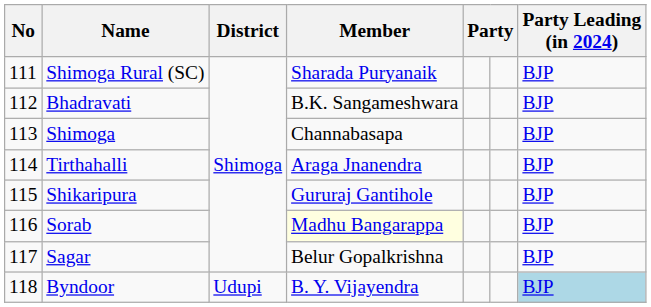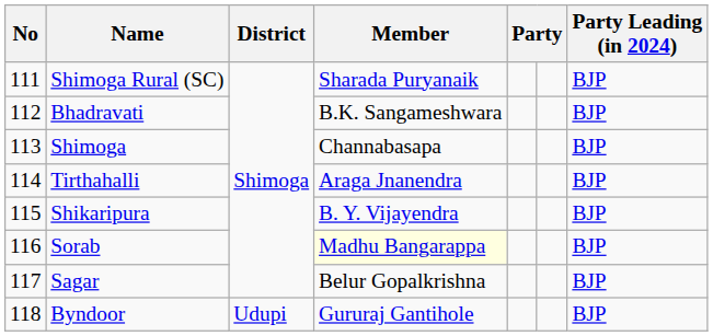 <table class="wikitable">
 <tr>
 <th>No</th>
 <th>Name</th>
 <th>District</th>
 <th>Member</th>
 <th colspan="2">Party</th>
 <th colspan="2">Party Leading<br>(in <a href='#'>2024</a>)</th>
 </tr>
 <tr>
 <td>111</td>
 <td><a href='#'>Shimoga Rural</a> (SC)</td>
 <td rowspan="7"><a href='#'>Shimoga</a></td>
 <td><a href='#'>Sharada Puryanaik</a></td>
 <td></td>
 <td style="background-color: "></td>
 <td><a href='#'>BJP</a></td>
 </tr>
 <tr>
 <td>112</td>
 <td><a href='#'>Bhadravati</a></td>
 <td>B.K. Sangameshwara</td>
 <td></td>
 <td style="background-color: "></td>
 <td><a href='#'>BJP</a></td>
 </tr>
 <tr>
 <td>113</td>
 <td><a href='#'>Shimoga</a></td>
 <td>Channabasapa</td>
 <td></td>
 <td style="background-color: "></td>
 <td><a href='#'>BJP</a></td>
 </tr>
 <tr>
 <td>114</td>
 <td><a href='#'>Tirthahalli</a></td>
 <td><a href='#'>Araga Jnanendra</a></td>
 <td></td>
 <td style="background-color: "></td>
 <td><a href='#'>BJP</a></td>
 </tr>
 <tr>
 <td>115</td>
 <td><a href='#'>Shikaripura</a></td>
-<td><a href='#'>Gururaj Gantihole</a></td>
+<td><a href='#'>B. Y. Vijayendra</a></td>
 <td></td>
 <td style="background-color: "></td>
 <td><a href='#'>BJP</a></td>
 </tr>
 <tr>
 <td>116</td>
 <td><a href='#'>Sorab</a></td>
 <td style="background: lightyellow;"><a href='#'>Madhu Bangarappa</a></td>
 <td></td>
 <td style="background-color: "></td>
 <td><a href='#'>BJP</a></td>
 </tr>
 <tr>
 <td>117</td>
 <td><a href='#'>Sagar</a></td>
 <td>Belur Gopalkrishna</td>
 <td></td>
 <td style="background-color: "></td>
 <td><a href='#'>BJP</a></td>
 </tr>
 <tr>
 <td>118</td>
 <td><a href='#'>Byndoor</a></td>
 <td><a href='#'>Udupi</a></td>
-<td><a href='#'>B. Y. Vijayendra</a></td>
+<td><a href='#'>Gururaj Gantihole</a></td>
 <td></td>
 <td style="background-color: "></td>
-<td style="background: lightblue;"><a href='#'>BJP</a></td>
+<td><a href='#'>BJP</a></td>
 </tr>
 </table>
